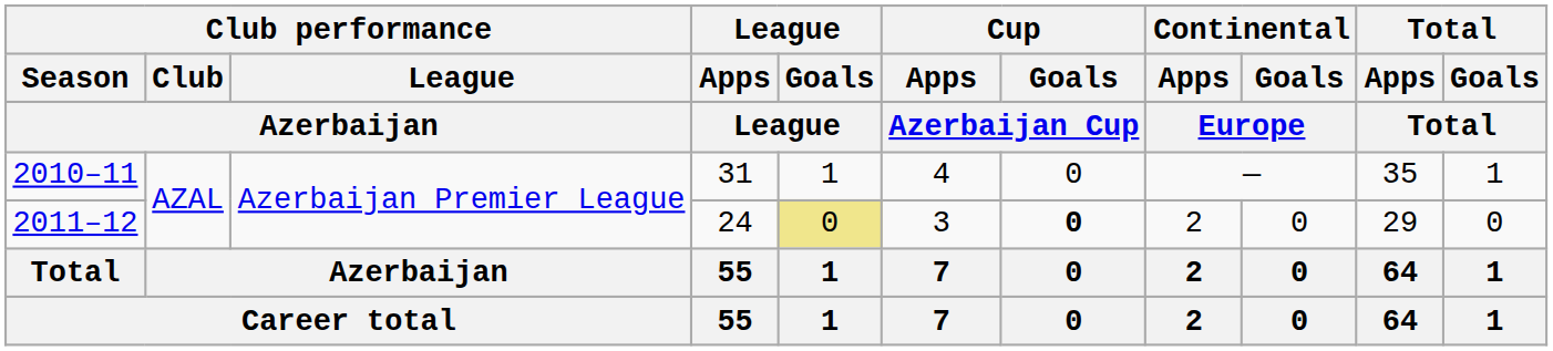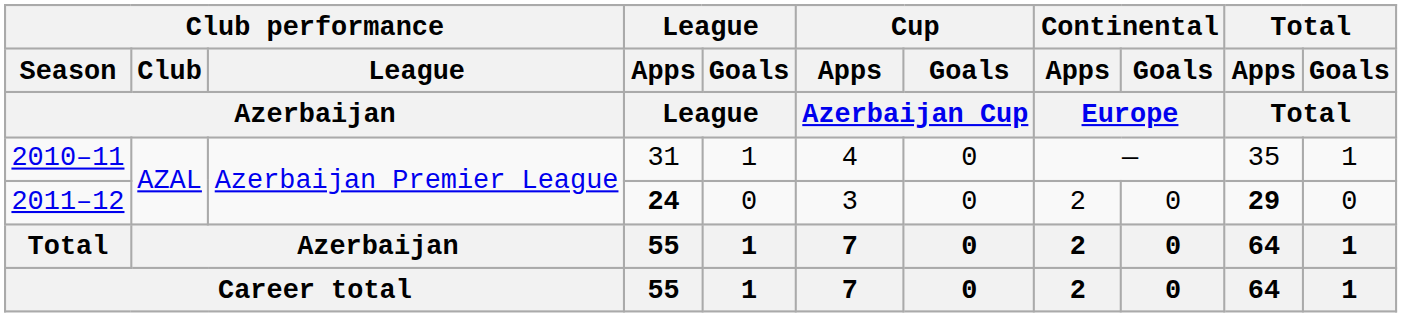 <table class="wikitable" style="text-align:center">
 <tr>
 <th colspan="3">Club performance</th>
 <th colspan="2">League</th>
 <th colspan="2">Cup</th>
 <th colspan="2">Continental</th>
 <th colspan="2">Total</th>
 </tr>
 <tr>
 <th>Season</th>
 <th>Club</th>
 <th>League</th>
 <th>Apps</th>
 <th>Goals</th>
 <th>Apps</th>
 <th>Goals</th>
 <th>Apps</th>
 <th>Goals</th>
 <th>Apps</th>
 <th>Goals</th>
 </tr>
 <tr>
 <th colspan="3">Azerbaijan</th>
 <th colspan="2">League</th>
 <th colspan="2"><a href='#'>Azerbaijan Cup</a></th>
 <th colspan="2"><a href='#'>Europe</a></th>
 <th colspan="2">Total</th>
 </tr>
 <tr>
 <td><a href='#'>2010–11</a></td>
 <td rowspan="2"><a href='#'>AZAL</a></td>
 <td rowspan="2"><a href='#'>Azerbaijan Premier League</a></td>
 <td>31</td>
 <td>1</td>
 <td>4</td>
 <td>0</td>
 <td colspan="2">—</td>
 <td>35</td>
 <td>1</td>
 </tr>
 <tr>
 <td><a href='#'>2011–12</a></td>
-<td>24</td>
-<td style="background: khaki;">0</td>
+<td><strong>24</strong></td>
+<td>0</td>
 <td>3</td>
-<td><strong>0</strong></td>
+<td>0</td>
 <td>2</td>
 <td>0</td>
-<td>29</td>
+<td><strong>29</strong></td>
 <td>0</td>
 </tr>
 <tr>
 <th rowspan="1">Total</th>
 <th colspan="2">Azerbaijan</th>
 <th>55</th>
 <th>1</th>
 <th>7</th>
 <th>0</th>
 <th>2</th>
 <th>0</th>
 <th>64</th>
 <th>1</th>
 </tr>
 <tr>
 <th colspan="3">Career total</th>
 <th>55</th>
 <th>1</th>
 <th>7</th>
 <th>0</th>
 <th>2</th>
 <th>0</th>
 <th>64</th>
 <th>1</th>
 </tr>
 </table>
